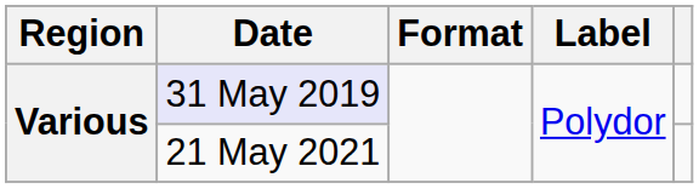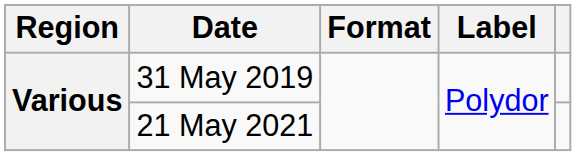 <table class="wikitable plainrowheaders">
 <tr>
 <th scope="col">Region</th>
 <th scope="col">Date</th>
 <th scope="col">Format</th>
 <th scope="col">Label</th>
 <th scope="col"></th>
 </tr>
 <tr>
 <th scope="row" rowspan="2">Various</th>
-<td rowspan="1" style="background: lavender;">31 May 2019</td>
+<td rowspan="1">31 May 2019</td>
 <td rowspan="2"></td>
 <td rowspan="2"><a href='#'>Polydor</a></td>
 <td align="center"></td>
 </tr>
 <tr>
 <td rowspan="1">21 May 2021</td>
 <td align="center"></td>
 </tr>
 </table>
